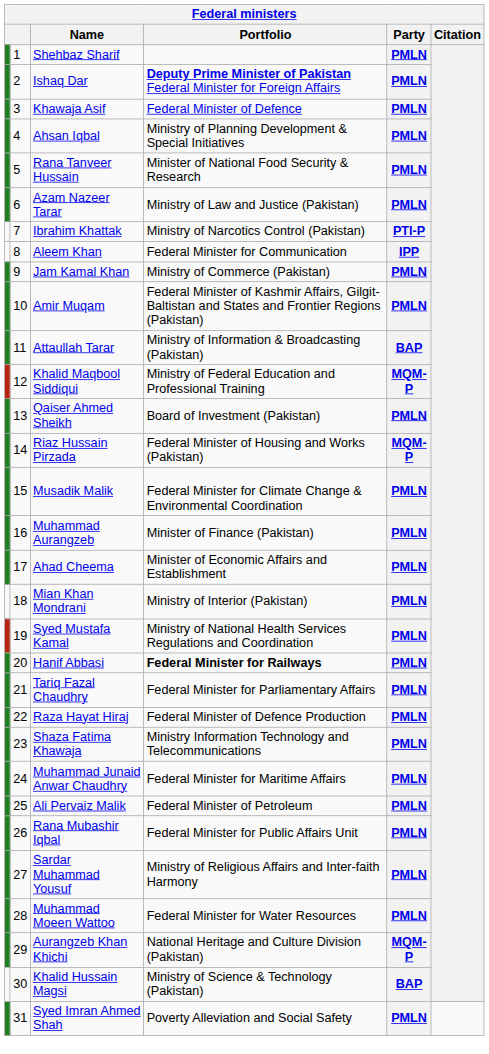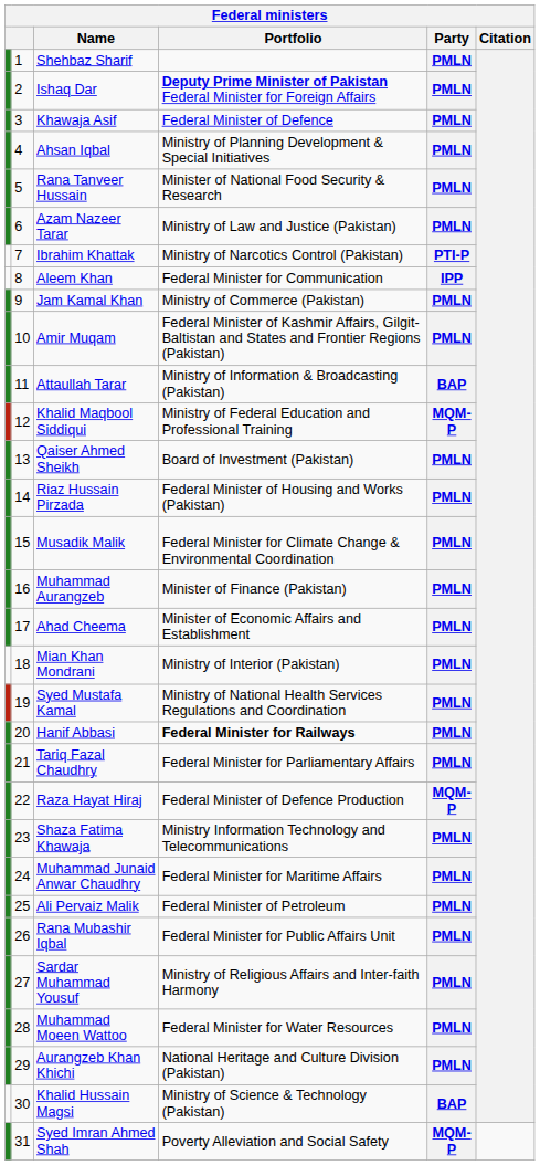 <table class="wikitable sortable">
 <tr>
 <th colspan="6"><a href='#'>Federal ministers</a></th>
 </tr>
 <tr>
 <th colspan="2"></th>
 <th>Name</th>
 <th>Portfolio</th>
 <th>Party</th>
 <th>Citation</th>
 </tr>
 <tr>
 <td align="center" style="background-color: #207F20"></td>
 <td>1</td>
 <td><a href='#'>Shehbaz Sharif</a></td>
 <td><br></td>
 <th><a href='#'>PMLN</a></th>
 <th rowspan="30"></th>
 </tr>
 <tr>
 <td align="center" style="background-color: #207F20"></td>
 <td>2</td>
 <td><a href='#'>Ishaq Dar</a></td>
 <td><strong><a href='#'>Deputy Prime Minister of Pakistan</a></strong><br><a href='#'>Federal Minister for Foreign Affairs</a></td>
 <th><a href='#'>PMLN</a></th>
 </tr>
 <tr>
 <td align=center style="background-color: #207F20"></td>
 <td>3</td>
 <td><a href='#'>Khawaja Asif</a></td>
 <td><a href='#'>Federal Minister of Defence</a></td>
 <th><a href='#'>PMLN</a></th>
 </tr>
 <tr>
 <td align=center style="background-color: #207F20"></td>
 <td>4</td>
 <td><a href='#'>Ahsan Iqbal</a></td>
 <td>Ministry of Planning Development & Special Initiatives</td>
 <th><a href='#'>PMLN</a></th>
 </tr>
 <tr>
 <td align=center style="background-color: #207F20"></td>
 <td>5</td>
 <td><a href='#'>Rana Tanveer Hussain</a></td>
 <td>Minister of National Food Security & Research</td>
 <th><a href='#'>PMLN</a></th>
 </tr>
 <tr>
 <td align=center style="background-color: #207F20"></td>
 <td>6</td>
 <td><a href='#'>Azam Nazeer Tarar</a></td>
 <td>Ministry of Law and Justice (Pakistan)</td>
 <th><a href='#'>PMLN</a></th>
 </tr>
 <tr>
 <td align=center style="background-color: "></td>
 <td>7</td>
 <td><a href='#'>Ibrahim Khattak</a></td>
 <td>Ministry of Narcotics Control (Pakistan)</td>
 <th><a href='#'>PTI-P</a></th>
 </tr>
 <tr>
 <td align=center style="background-color: "></td>
 <td>8</td>
 <td><a href='#'>Aleem Khan</a></td>
 <td>Federal Minister for Communication</td>
 <th><a href='#'>IPP</a></th>
 </tr>
 <tr>
 <td align=center style="background-color: #207F20"></td>
 <td>9</td>
 <td><a href='#'>Jam Kamal Khan</a></td>
 <td>Ministry of Commerce (Pakistan)</td>
 <th><a href='#'>PMLN</a></th>
 </tr>
 <tr>
 <td align=center style="background-color: #207F20"></td>
 <td>10</td>
 <td><a href='#'>Amir Muqam</a></td>
 <td>Federal Minister of Kashmir Affairs,  Gilgit-Baltistan and States and Frontier Regions (Pakistan)</td>
 <th><a href='#'>PMLN</a></th>
 </tr>
 <tr>
 <td align=center style="background-color: #207F20"></td>
 <td>11</td>
 <td><a href='#'>Attaullah Tarar</a></td>
 <td>Ministry of Information & Broadcasting (Pakistan)</td>
 <th><a href='#'>BAP</a></th>
 </tr>
 <tr>
 <td align=center style="background-color: #BA2210"></td>
 <td>12</td>
 <td><a href='#'>Khalid Maqbool Siddiqui</a></td>
 <td>Ministry of Federal Education and Professional Training</td>
 <th><a href='#'>MQM-P</a></th>
 </tr>
 <tr>
 <td align=center style="background-color: #207F20"></td>
 <td>13</td>
 <td><a href='#'>Qaiser Ahmed Sheikh</a></td>
 <td>Board of Investment (Pakistan)</td>
 <th><a href='#'>PMLN</a></th>
 </tr>
 <tr>
 <td align=center style="background-color: #207F20"></td>
 <td>14</td>
 <td><a href='#'>Riaz Hussain Pirzada</a></td>
 <td>Federal Minister of Housing and Works (Pakistan)</td>
-<th><a href='#'>MQM-P</a></th>
+<th><a href='#'>PMLN</a></th>
 </tr>
 <tr>
 <td align=center style="background-color: #207F20"></td>
 <td>15</td>
 <td><a href='#'>Musadik Malik</a></td>
 <td><br>Federal Minister for Climate Change & Environmental Coordination</td>
 <th><a href='#'>PMLN</a></th>
 </tr>
 <tr>
 <td align=center style="background-color: #207F20"></td>
 <td>16</td>
 <td><a href='#'>Muhammad Aurangzeb</a></td>
 <td>Minister of Finance (Pakistan)</td>
 <th><a href='#'>PMLN</a></th>
 </tr>
 <tr>
 <td align=center style="background-color: #207F20"></td>
 <td>17</td>
 <td><a href='#'>Ahad Cheema</a></td>
 <td>Minister of Economic Affairs and Establishment</td>
 <th><a href='#'>PMLN</a></th>
 </tr>
 <tr>
 <td align="center" style="background-color: "></td>
 <td>18</td>
 <td><a href='#'>Mian Khan Mondrani</a></td>
 <td>Ministry of Interior (Pakistan)</td>
 <th><a href='#'>PMLN</a></th>
 </tr>
 <tr>
 <td align=center style="background-color: #BA2210"></td>
 <td>19</td>
 <td><a href='#'>Syed Mustafa Kamal</a></td>
 <td>Ministry of National Health Services Regulations and Coordination</td>
 <th><a href='#'>PMLN</a></th>
 </tr>
 <tr>
 <td align=center style="background-color: #207F20"></td>
 <td>20</td>
 <td><a href='#'>Hanif Abbasi</a></td>
 <td><strong>Federal Minister for Railways</strong></td>
 <th><a href='#'>PMLN</a></th>
 </tr>
 <tr>
 <td align=center style="background-color: #207F20"></td>
 <td>21</td>
 <td><a href='#'>Tariq Fazal Chaudhry</a></td>
 <td>Federal Minister for Parliamentary Affairs</td>
 <th><a href='#'>PMLN</a></th>
 </tr>
 <tr>
 <td align=center style="background-color: #207F20"></td>
 <td>22</td>
 <td><a href='#'>Raza Hayat Hiraj</a></td>
 <td>Federal Minister of Defence Production</td>
-<th><a href='#'>PMLN</a></th>
+<th><a href='#'>MQM-P</a></th>
 </tr>
 <tr>
 <td align=center style="background-color: #207F20"></td>
 <td>23</td>
 <td><a href='#'>Shaza Fatima Khawaja</a></td>
 <td>Ministry Information Technology and Telecommunications</td>
 <th><a href='#'>PMLN</a></th>
 </tr>
 <tr>
 <td align=center style="background-color: #207F20"></td>
 <td>24</td>
 <td><a href='#'>Muhammad Junaid Anwar Chaudhry</a></td>
 <td>Federal Minister for Maritime Affairs</td>
 <th><a href='#'>PMLN</a></th>
 </tr>
 <tr>
 <td align=center style="background-color: #207F20"></td>
 <td>25</td>
 <td><a href='#'>Ali Pervaiz Malik</a></td>
 <td>Federal Minister of Petroleum</td>
 <th><a href='#'>PMLN</a></th>
 </tr>
 <tr>
 <td align=center style="background-color: #207F20"></td>
 <td>26</td>
 <td><a href='#'>Rana Mubashir Iqbal</a></td>
 <td>Federal Minister for Public Affairs Unit</td>
 <th><a href='#'>PMLN</a></th>
 </tr>
 <tr>
 <td align=center style="background-color: #207F20"></td>
 <td>27</td>
 <td><a href='#'>Sardar Muhammad Yousuf</a></td>
 <td>Ministry of Religious Affairs and Inter-faith Harmony</td>
 <th><a href='#'>PMLN</a></th>
 </tr>
 <tr>
 <td align=center style="background-color: #207F20"></td>
 <td>28</td>
 <td><a href='#'>Muhammad Moeen Wattoo</a></td>
 <td>Federal Minister for Water Resources</td>
 <th><a href='#'>PMLN</a></th>
 </tr>
 <tr>
 <td align=center style="background-color: #207F20"></td>
 <td>29</td>
 <td><a href='#'>Aurangzeb Khan Khichi</a></td>
 <td>National Heritage and Culture Division (Pakistan)</td>
-<th><a href='#'>MQM-P</a></th>
+<th><a href='#'>PMLN</a></th>
 </tr>
 <tr>
 <td align=center style="background-color: "></td>
 <td>30</td>
 <td><a href='#'>Khalid Hussain Magsi</a></td>
 <td>Ministry of Science & Technology (Pakistan)</td>
 <th><a href='#'>BAP</a></th>
 </tr>
 <tr>
 <td align=center style="background-color: #207F20"></td>
 <td>31</td>
 <td><a href='#'>Syed Imran Ahmed Shah</a></td>
 <td>Poverty Alleviation and Social Safety</td>
-<th><a href='#'>PMLN</a></th>
+<th><a href='#'>MQM-P</a></th>
 </tr>
 </table>
